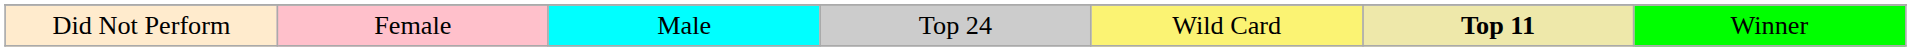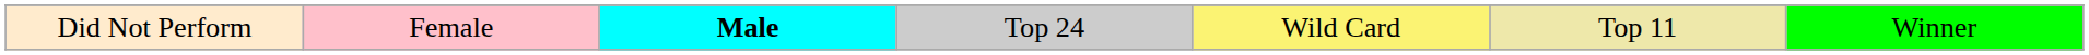 <table class="wikitable" style="margin:1em auto; text-align:center;">
 <tr>
 </tr>
 <tr>
 <td style="background:#ffebcd; width:10%;">Did Not Perform</td>
 <td style="background:pink; width:10%;">Female</td>
-<td style="background:cyan; width:10%;">Male</td>
+<td style="background:cyan; width:10%;"><strong>Male</strong></td>
 <td style="background:#ccc; width:10%;">Top 24</td>
 <td style="background:#fbf373; width:10%;">Wild Card</td>
-<td style="background:palegoldenrod; width:10%;"><strong>Top 11</strong></td>
+<td style="background:palegoldenrod; width:10%;">Top 11</td>
 <td style="background:lime; width:10%;">Winner</td>
 </tr>
 </table>
